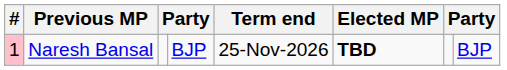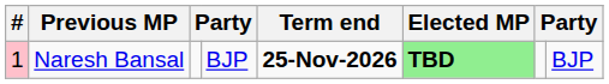 <table class="wikitable sortable">
 <tr>
 <th>#</th>
 <th>Previous MP</th>
 <th colspan="2">Party</th>
 <th>Term end</th>
 <th>Elected MP</th>
 <th colspan="2">Party</th>
 </tr>
 <tr>
 <td style="background: pink;">1</td>
 <td><a href='#'>Naresh Bansal</a></td>
 <td></td>
 <td><a href='#'>BJP</a></td>
-<td>25-Nov-2026</td>
-<td><strong>TBD</strong></td>
+<td><strong>25-Nov-2026</strong></td>
+<td style="background: lightgreen;"><strong>TBD</strong></td>
 <td></td>
 <td><a href='#'>BJP</a></td>
 </tr>
 </table>
